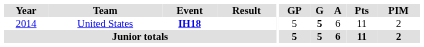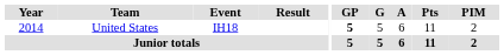 <table border="0" cellpadding="1" cellspacing="0" ID="Table3" style="text-align:center; width:40em">
 <tr bgcolor="#e0e0e0">
 <th>Year</th>
 <th>Team</th>
 <th>Event</th>
 <th>Result</th>
 <th rowspan="99" bgcolor="#ffffff"></th>
 <th>GP</th>
 <th>G</th>
 <th>A</th>
 <th>Pts</th>
 <th>PIM</th>
 </tr>
 <tr>
 <td><a href='#'>2014</a></td>
 <td><a href='#'>United States</a></td>
-<td><strong><a href='#'>IH18</a></strong></td>
+<td><a href='#'>IH18</a></td>
 <td></td>
+<td><strong>5</strong></td>
 <td>5</td>
-<td><strong>5</strong></td>
 <td>6</td>
 <td>11</td>
 <td>2</td>
 </tr>
 <tr bgcolor="#e0e0e0">
 <th colspan="4">Junior totals</th>
 <th>5</th>
 <th>5</th>
 <th>6</th>
 <th>11</th>
 <th>2</th>
 </tr>
 </table>
